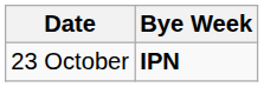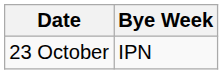 <table class="wikitable">
 <tr>
 <th>Date</th>
 <th colspan="1">Bye Week</th>
 </tr>
 <tr>
 <td>23 October</td>
-<td><strong>IPN</strong></td>
+<td>IPN</td>
 </tr>
 </table>
